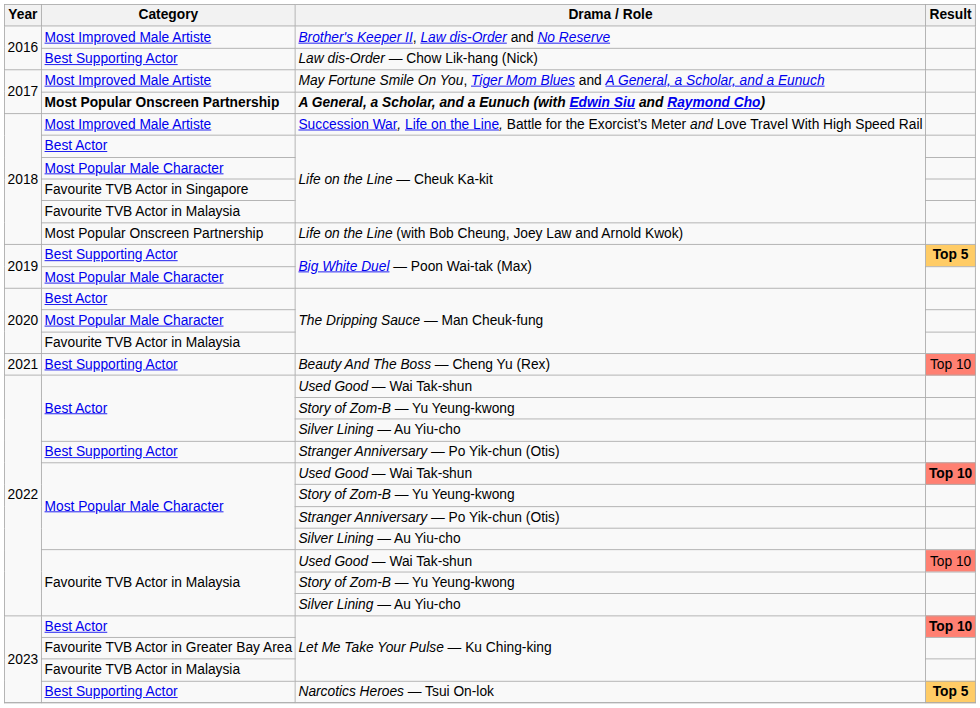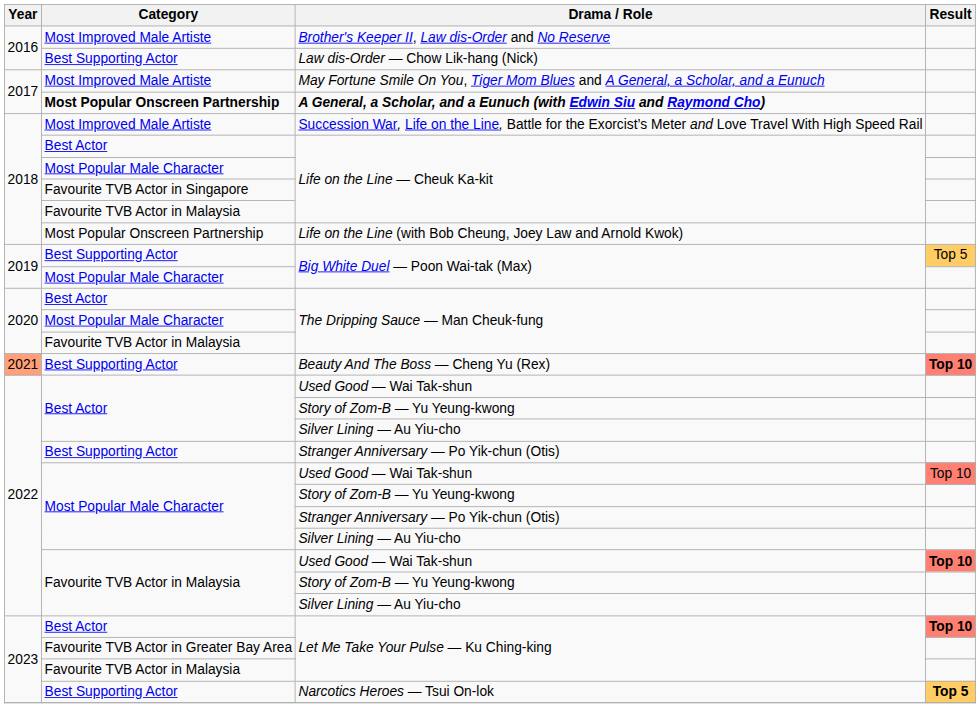 <table class="wikitable sortable">
 <tr>
 <th>Year</th>
 <th>Category</th>
 <th>Drama / Role</th>
 <th>Result</th>
 </tr>
 <tr>
 <td rowspan=2>2016</td>
 <td><a href='#'>Most Improved Male Artiste</a></td>
 <td><em><a href='#'>Brother's Keeper II</a></em>, <em><a href='#'>Law dis-Order</a></em> and <em><a href='#'>No Reserve</a></em></td>
 <td></td>
 </tr>
 <tr>
 <td><a href='#'>Best Supporting Actor</a></td>
 <td><em>Law dis-Order</em> — Chow Lik-hang (Nick)</td>
 <td></td>
 </tr>
 <tr>
 <td rowspan=2>2017</td>
 <td><a href='#'>Most Improved Male Artiste</a></td>
 <td><em>May Fortune Smile On You</em>, <em><a href='#'>Tiger Mom Blues</a></em> and <em><a href='#'>A General, a Scholar, and a Eunuch</a></em></td>
 <td></td>
 </tr>
 <tr>
 <td><strong> Most Popular Onscreen Partnership </strong></td>
 <td><strong><em>A General, a Scholar, and a Eunuch<em> (with <a href='#'>Edwin Siu</a> and <a href='#'>Raymond Cho</a>)<strong></td>
 <td></td>
 </tr>
 <tr>
 <td rowspan=6>2018</td>
 <td></strong><a href='#'>Most Improved Male Artiste</a><strong></td>
 <td></strong> </em><a href='#'>Succession War</a><em>, </em><a href='#'>Life on the Line</a><em>, </em>Battle for the Exorcist’s Meter<em> and </em>Love Travel With High Speed Rail</em></strong></td>
 <td></td>
 </tr>
 <tr>
 <td><a href='#'>Best Actor</a></td>
 <td rowspan=4><em>Life on the Line</em> — Cheuk Ka-kit</td>
 <td></td>
 </tr>
 <tr>
 <td><a href='#'>Most Popular Male Character</a></td>
 <td></td>
 </tr>
 <tr>
 <td>Favourite TVB Actor in Singapore</td>
 <td></td>
 </tr>
 <tr>
 <td>Favourite TVB Actor in Malaysia</td>
 <td></td>
 </tr>
 <tr>
 <td>Most Popular Onscreen Partnership</td>
 <td><em>Life on the Line</em> (with Bob Cheung, Joey Law and Arnold Kwok)</td>
 <td></td>
 </tr>
 <tr>
 <td rowspan=2>2019</td>
 <td><a href='#'>Best Supporting Actor</a></td>
 <td rowspan=2><em><a href='#'>Big White Duel</a></em> — Poon Wai-tak (Max)</td>
-<td style="background-color:#ffcc66; text-align:center;"><strong>Top 5</strong></td>
+<td style="background-color:#ffcc66; text-align:center;">Top 5</td>
 </tr>
 <tr>
 <td><a href='#'>Most Popular Male Character</a></td>
 <td></td>
 </tr>
 <tr>
 <td rowspan=3>2020</td>
 <td><a href='#'>Best Actor</a></td>
 <td rowspan=3><em>The Dripping Sauce</em> — Man Cheuk-fung</td>
 <td></td>
 </tr>
 <tr>
 <td><a href='#'>Most Popular Male Character</a></td>
 <td></td>
 </tr>
 <tr>
 <td>Favourite TVB Actor in Malaysia</td>
 <td></td>
 </tr>
 <tr>
-<td>2021</td>
+<td style="background: lightsalmon;">2021</td>
 <td><a href='#'>Best Supporting Actor</a></td>
 <td><em>Beauty And The Boss</em> — Cheng Yu (Rex)</td>
-<td style="background-color:#ff8072; text-align:center;">Top 10</td>
+<td style="background-color:#ff8072; text-align:center;"><strong>Top 10</strong></td>
 </tr>
 <tr>
 <td rowspan=11>2022</td>
 <td rowspan=3><a href='#'>Best Actor</a></td>
 <td><em>Used Good</em> — Wai Tak-shun</td>
 <td></td>
 </tr>
 <tr>
 <td><em>Story of Zom-B</em> — Yu Yeung-kwong</td>
 <td></td>
 </tr>
 <tr>
 <td><em>Silver Lining</em> — Au Yiu-cho</td>
 <td></td>
 </tr>
 <tr>
 <td><a href='#'>Best Supporting Actor</a></td>
 <td><em>Stranger Anniversary</em> — Po Yik-chun (Otis)</td>
 <td></td>
 </tr>
 <tr>
 <td rowspan=4><a href='#'>Most Popular Male Character</a></td>
 <td><em>Used Good</em> — Wai Tak-shun</td>
-<td style="background-color:#ff8072; text-align:center;"><strong>Top 10</strong></td>
+<td style="background-color:#ff8072; text-align:center;">Top 10</td>
 </tr>
 <tr>
 <td><em>Story of Zom-B</em> — Yu Yeung-kwong</td>
 <td></td>
 </tr>
 <tr>
 <td><em>Stranger Anniversary</em> — Po Yik-chun (Otis)</td>
 <td></td>
 </tr>
 <tr>
 <td><em>Silver Lining</em> — Au Yiu-cho</td>
 <td></td>
 </tr>
 <tr>
 <td rowspan=3>Favourite TVB Actor in Malaysia</td>
 <td><em>Used Good</em> — Wai Tak-shun</td>
-<td style="background-color:#ff8072; text-align:center;">Top 10</td>
+<td style="background-color:#ff8072; text-align:center;"><strong>Top 10</strong></td>
 </tr>
 <tr>
 <td><em>Story of Zom-B</em> — Yu Yeung-kwong</td>
 <td></td>
 </tr>
 <tr>
 <td><em>Silver Lining</em> — Au Yiu-cho</td>
 <td></td>
 </tr>
 <tr>
 <td rowspan=4>2023</td>
 <td><a href='#'>Best Actor</a></td>
 <td rowspan=3><em>Let Me Take Your Pulse</em> — Ku Ching-king</td>
 <td style="background-color:#ff8072; text-align:center;"><strong>Top 10</strong></td>
 </tr>
 <tr>
 <td>Favourite TVB Actor in Greater Bay Area</td>
 <td></td>
 </tr>
 <tr>
 <td>Favourite TVB Actor in Malaysia</td>
 <td></td>
 </tr>
 <tr>
 <td><a href='#'>Best Supporting Actor</a></td>
 <td><em>Narcotics Heroes</em> — Tsui On-lok</td>
 <td style="background-color:#ffcc66; text-align:center;"><strong>Top 5</strong></td>
 </tr>
 <tr>
 </tr>
 </table>
